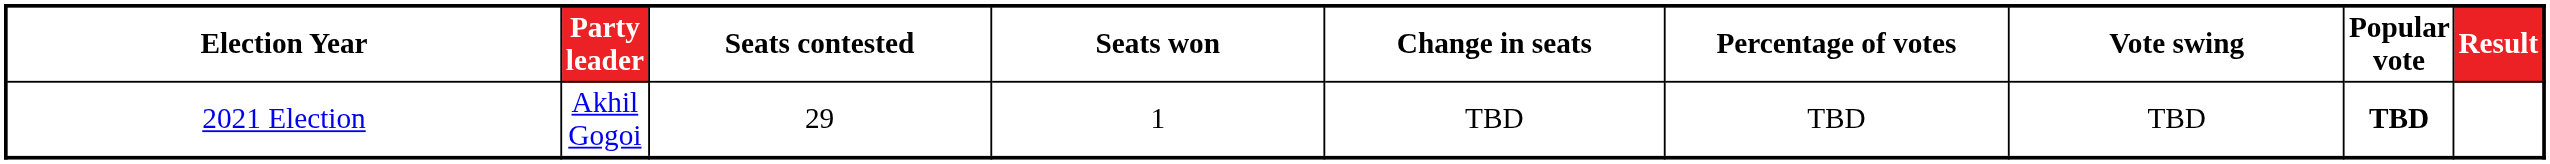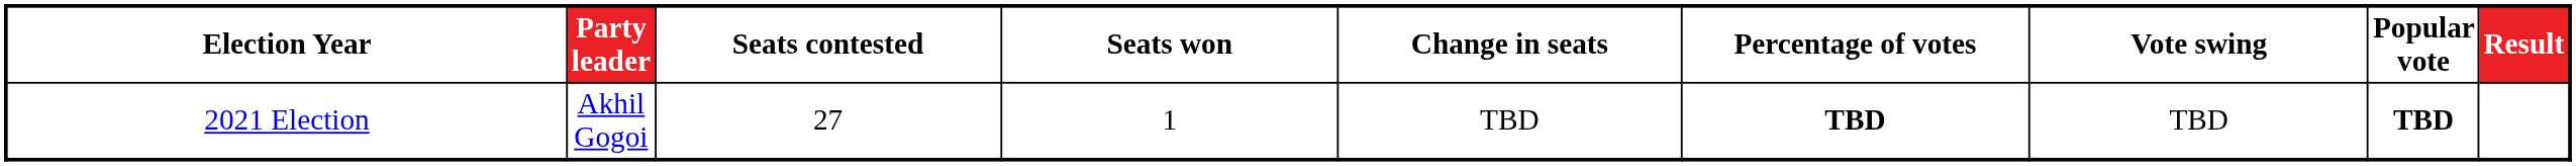 <table class="sortable" style="border-collapse: collapse; border: 2px #000000 solid; font-size: x-big; font-family: verdana" width="70%" cellspacing="0" cellpadding="2" border="1">
 <tr>
 <th style="width:25%;" Style="background-color:#EC2125 ; color:white">Election Year</th>
 <th Style="background-color:#EC2125 ; color:white">Party leader</th>
 <th style="width:15%;" Style="background-color:#EC2125 ; color:white">Seats contested</th>
 <th style="width:15%;" Style="background-color:#EC2125 ; color:white">Seats won</th>
 <th style="width:15%;" Style="background-color:#EC2125 ; color:white">Change in seats</th>
 <th style="width:15%;" Style="background-color:#EC2125 ; color:white">Percentage of votes</th>
 <th style="width:15%;" Style="background-color:#EC2125 ; color:white">Vote swing</th>
 <th style="width:15%;" Style="background-color:#EC2125 ; color:white">Popular vote</th>
 <th Style="background-color:#EC2125 ; color:white">Result</th>
 </tr>
 <tr style="text-align:center;">
 <td><a href='#'>2021 Election</a></td>
 <td><a href='#'>Akhil Gogoi</a></td>
-<td>29</td>
+<td>27</td>
 <td>1</td>
 <td>TBD</td>
-<td>TBD</td>
+<td><strong>TBD</strong></td>
 <td>TBD</td>
 <td><strong>TBD</strong></td>
 </tr>
 </table>
